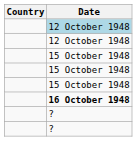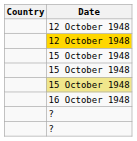 <table class="wikitable">
 <tr>
 <th>Country</th>
 <th>Date</th>
 </tr>
 <tr>
 <td></td>
-<td style="background: lightblue;">12 October 1948</td>
+<td>12 October 1948</td>
 </tr>
 <tr>
 <td></td>
-<td>12 October 1948</td>
+<td style="background: gold;">12 October 1948</td>
 </tr>
 <tr>
 <td></td>
 <td>15 October 1948</td>
 </tr>
 <tr>
 <td></td>
 <td>15 October 1948</td>
 </tr>
 <tr>
 <td></td>
-<td>15 October 1948</td>
+<td style="background: khaki;">15 October 1948</td>
 </tr>
 <tr>
 <td></td>
-<td><strong>16 October 1948</strong></td>
+<td>16 October 1948</td>
 </tr>
 <tr>
 <td></td>
 <td>?</td>
 </tr>
 <tr>
 <td></td>
 <td>?</td>
 </tr>
 </table>
